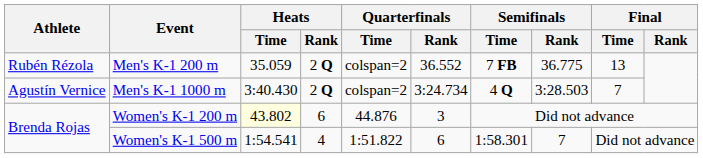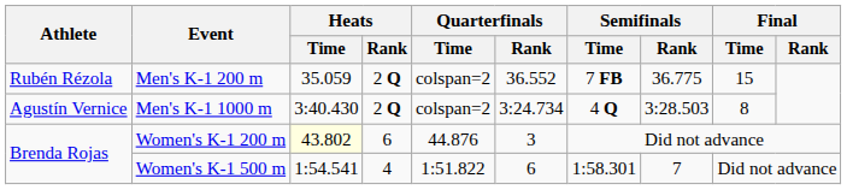 <table class=wikitable style="font-size:90%">
 <tr>
 <th rowspan="2">Athlete</th>
 <th rowspan="2">Event</th>
 <th colspan=2>Heats</th>
 <th colspan=2>Quarterfinals</th>
 <th colspan=2>Semifinals</th>
 <th colspan=2>Final</th>
 </tr>
 <tr style="font-size:95%">
 <th>Time</th>
 <th>Rank</th>
 <th>Time</th>
 <th>Rank</th>
 <th>Time</th>
 <th>Rank</th>
 <th>Time</th>
 <th>Rank</th>
 </tr>
 <tr align=center>
 <td align=left><a href='#'>Rubén Rézola</a></td>
 <td align=left><a href='#'>Men's K-1 200 m</a></td>
 <td>35.059</td>
 <td>2 <strong>Q</strong></td>
 <td>colspan=2 </td>
 <td>36.552</td>
 <td>7 <strong>FB</strong></td>
 <td>36.775</td>
-<td>13</td>
+<td>15</td>
 </tr>
 <tr align=center>
 <td align=left><a href='#'>Agustín Vernice</a></td>
 <td align=left><a href='#'>Men's K-1 1000 m</a></td>
 <td>3:40.430</td>
 <td>2 <strong>Q</strong></td>
 <td>colspan=2 </td>
 <td>3:24.734</td>
 <td>4 <strong>Q</strong></td>
 <td>3:28.503</td>
-<td>7</td>
+<td>8</td>
 </tr>
 <tr align=center>
 <td align=left rowspan=2><a href='#'>Brenda Rojas</a></td>
 <td align=left><a href='#'>Women's K-1 200 m</a></td>
 <td style="background: lightyellow;">43.802</td>
 <td>6</td>
 <td>44.876</td>
 <td>3</td>
 <td colspan=4>Did not advance</td>
 </tr>
 <tr align=center>
 <td align=left><a href='#'>Women's K-1 500 m</a></td>
 <td>1:54.541</td>
 <td>4</td>
 <td>1:51.822</td>
 <td>6</td>
 <td>1:58.301</td>
 <td>7</td>
 <td colspan=2>Did not advance</td>
 </tr>
 </table>
